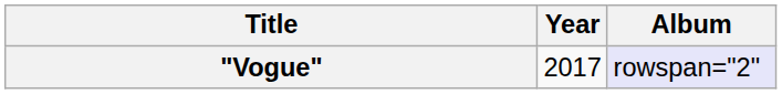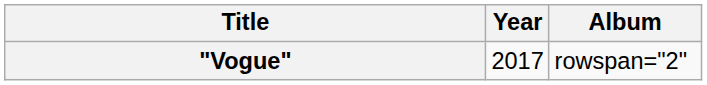 <table class="wikitable plainrowheaders sortable" style="text-align:left;">
 <tr>
 <th scope="col"  style="width:20em;">Title</th>
 <th scope="col"  style="width:2em;">Year</th>
 <th scope="col"  style="width:6em;">Album</th>
 </tr>
 <tr>
 <th scope="row">"Vogue"</th>
 <td rowspan="2">2017</td>
-<td style="background: lavender;">rowspan="2" </td>
+<td>rowspan="2" </td>
 </tr>
 </table>
